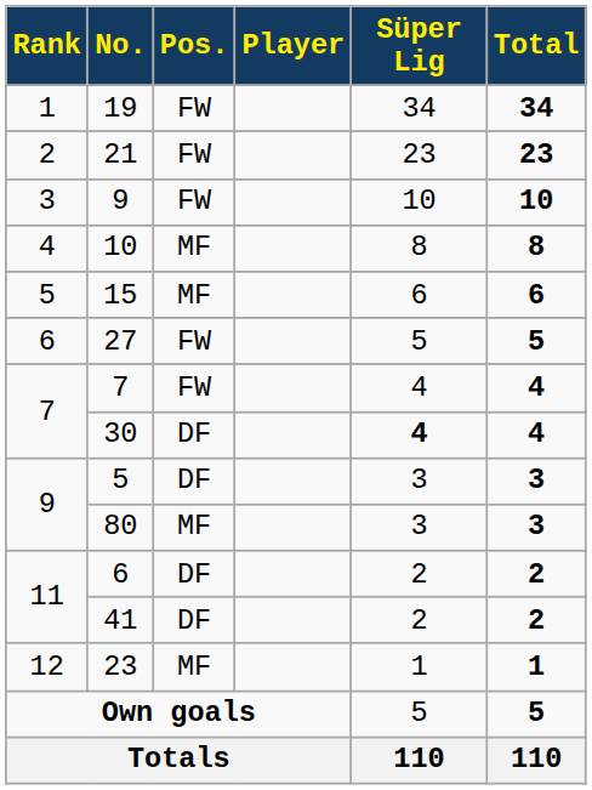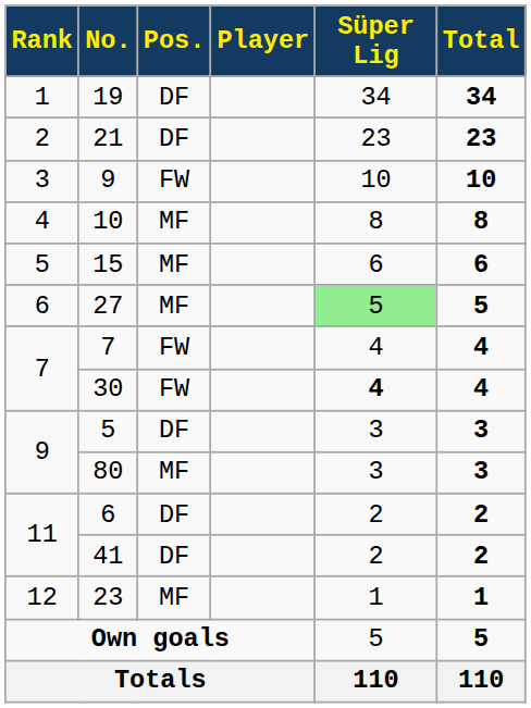 <table class="wikitable sortable" style="text-align:center;width:30%;">
 <tr>
 <th style="background:#133A61; color:#FFED00; ">Rank</th>
 <th style="background:#133A61; color:#FFED00; ">No.</th>
 <th style="background:#133A61; color:#FFED00; ">Pos.</th>
 <th style="background:#133A61; color:#FFED00; ">Player</th>
 <th style="background:#133A61; color:#FFED00; ">Süper Lig</th>
 <th style="background:#133A61; color:#FFED00; ">Total</th>
 </tr>
 <tr>
 <td>1</td>
 <td>19</td>
-<td>FW</td>
+<td>DF</td>
 <td align=left> </td>
 <td>34</td>
 <td><strong>34</strong></td>
 </tr>
 <tr>
 <td>2</td>
 <td>21</td>
-<td>FW</td>
+<td>DF</td>
 <td align=left> </td>
 <td>23</td>
 <td><strong>23</strong></td>
 </tr>
 <tr>
 <td>3</td>
 <td>9</td>
 <td>FW</td>
 <td align=left> </td>
 <td>10</td>
 <td><strong>10</strong></td>
 </tr>
 <tr>
 <td>4</td>
 <td>10</td>
 <td>MF</td>
 <td align=left> </td>
 <td>8</td>
 <td><strong>8</strong></td>
 </tr>
 <tr>
 <td>5</td>
 <td>15</td>
 <td>MF</td>
 <td align=left> </td>
 <td>6</td>
 <td><strong>6</strong></td>
 </tr>
 <tr>
 <td>6</td>
 <td>27</td>
-<td>FW</td>
+<td>MF</td>
 <td align=left> </td>
-<td>5</td>
+<td style="background: lightgreen;">5</td>
 <td><strong>5</strong></td>
 </tr>
 <tr>
 <td rowspan=2>7</td>
 <td>7</td>
 <td>FW</td>
 <td align=left> </td>
 <td>4</td>
 <td><strong>4</strong></td>
 </tr>
 <tr>
 <td>30</td>
-<td>DF</td>
+<td>FW</td>
 <td align=left> </td>
 <td><strong>4</strong></td>
 <td><strong>4</strong></td>
 </tr>
 <tr>
 <td rowspan=2>9</td>
 <td>5</td>
 <td>DF</td>
 <td align=left> </td>
 <td>3</td>
 <td><strong>3</strong></td>
 </tr>
 <tr>
 <td>80</td>
 <td>MF</td>
 <td align=left> </td>
 <td>3</td>
 <td><strong>3</strong></td>
 </tr>
 <tr>
 <td rowspan=2>11</td>
 <td>6</td>
 <td>DF</td>
 <td align=left> </td>
 <td>2</td>
 <td><strong>2</strong></td>
 </tr>
 <tr>
 <td>41</td>
 <td>DF</td>
 <td align=left> </td>
 <td>2</td>
 <td><strong>2</strong></td>
 </tr>
 <tr>
 <td>12</td>
 <td>23</td>
 <td>MF</td>
 <td align=left> </td>
 <td>1</td>
 <td><strong>1</strong></td>
 </tr>
 <tr>
 <td colspan="4"><strong>Own goals</strong></td>
 <td>5</td>
 <td><strong>5</strong></td>
 </tr>
 <tr>
 <th colspan=4><strong>Totals</strong></th>
 <th><strong>110</strong></th>
 <th><strong>110</strong></th>
 </tr>
 </table>
